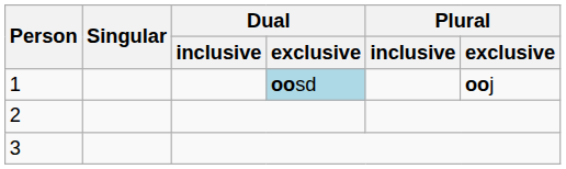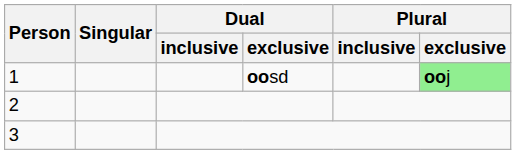 <table class="wikitable">
 <tr>
 <th rowspan="2">Person</th>
 <th rowspan="2">Singular</th>
 <th colspan="2">Dual</th>
 <th colspan="2">Plural</th>
 </tr>
 <tr>
 <th>inclusive</th>
 <th>exclusive</th>
 <th>inclusive</th>
 <th>exclusive</th>
 </tr>
 <tr>
 <td>1</td>
 <td></td>
 <td></td>
-<td style="background: lightblue;"><strong>o</strong><strong>o</strong>sd</td>
+<td><strong>o</strong><strong>o</strong>sd</td>
 <td></td>
-<td><strong>o</strong><strong>o</strong>j</td>
+<td style="background: lightgreen;"><strong>o</strong><strong>o</strong>j</td>
 </tr>
 <tr>
 <td>2</td>
 <td></td>
 <td colspan="2"></td>
 <td colspan="2"></td>
 </tr>
 <tr>
 <td>3</td>
 <td></td>
 <td colspan="4"></td>
 </tr>
 </table>
